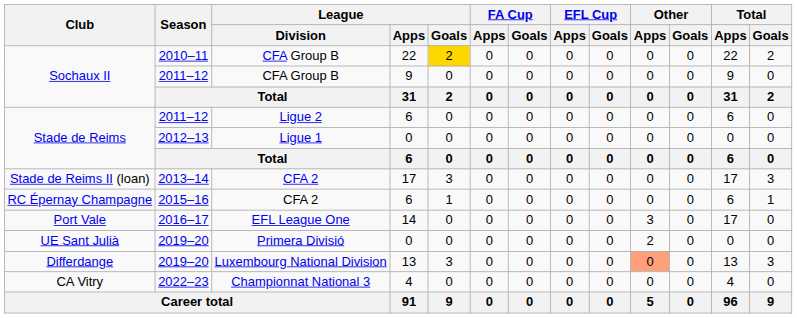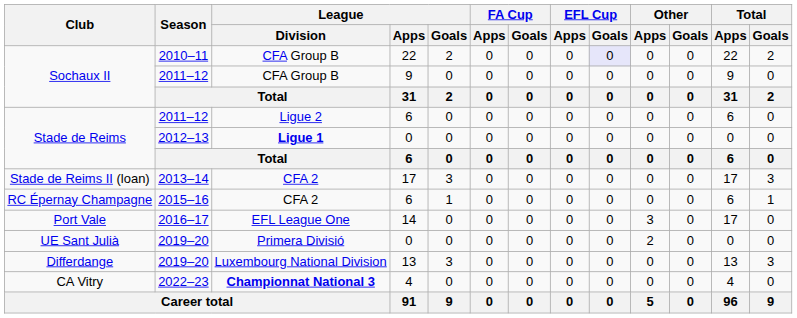 <table class="wikitable" style="text-align:center">
 <tr>
 <th rowspan="2">Club</th>
 <th rowspan="2">Season</th>
 <th colspan="3">League</th>
 <th colspan="2"><a href='#'>FA Cup</a></th>
 <th colspan="2"><a href='#'>EFL Cup</a></th>
 <th colspan="2">Other</th>
 <th colspan="2">Total</th>
 </tr>
 <tr>
 <th>Division</th>
 <th>Apps</th>
 <th>Goals</th>
 <th>Apps</th>
 <th>Goals</th>
 <th>Apps</th>
 <th>Goals</th>
 <th>Apps</th>
 <th>Goals</th>
 <th>Apps</th>
 <th>Goals</th>
 </tr>
 <tr>
 <td rowspan="3"><a href='#'>Sochaux II</a></td>
 <td><a href='#'>2010–11</a></td>
 <td><a href='#'>CFA</a> Group B</td>
 <td>22</td>
-<td style="background: gold;">2</td>
+<td>2</td>
 <td>0</td>
 <td>0</td>
 <td>0</td>
-<td>0</td>
+<td style="background: lavender;">0</td>
 <td>0</td>
 <td>0</td>
 <td>22</td>
 <td>2</td>
 </tr>
 <tr>
 <td><a href='#'>2011–12</a></td>
 <td>CFA Group B</td>
 <td>9</td>
 <td>0</td>
 <td>0</td>
 <td>0</td>
 <td>0</td>
 <td>0</td>
 <td>0</td>
 <td>0</td>
 <td>9</td>
 <td>0</td>
 </tr>
 <tr>
 <th colspan="2">Total</th>
 <th>31</th>
 <th>2</th>
 <th>0</th>
 <th>0</th>
 <th>0</th>
 <th>0</th>
 <th>0</th>
 <th>0</th>
 <th>31</th>
 <th>2</th>
 </tr>
 <tr>
 <td rowspan="3"><a href='#'>Stade de Reims</a></td>
 <td><a href='#'>2011–12</a></td>
 <td><a href='#'>Ligue 2</a></td>
 <td>6</td>
 <td>0</td>
 <td>0</td>
 <td>0</td>
 <td>0</td>
 <td>0</td>
 <td>0</td>
 <td>0</td>
 <td>6</td>
 <td>0</td>
 </tr>
 <tr>
 <td><a href='#'>2012–13</a></td>
-<td><a href='#'>Ligue 1</a></td>
+<td><strong><a href='#'>Ligue 1</a></strong></td>
 <td>0</td>
 <td>0</td>
 <td>0</td>
 <td>0</td>
 <td>0</td>
 <td>0</td>
 <td>0</td>
 <td>0</td>
 <td>0</td>
 <td>0</td>
 </tr>
 <tr>
 <th colspan="2">Total</th>
 <th>6</th>
 <th>0</th>
 <th>0</th>
 <th>0</th>
 <th>0</th>
 <th>0</th>
 <th>0</th>
 <th>0</th>
 <th>6</th>
 <th>0</th>
 </tr>
 <tr>
 <td><a href='#'>Stade de Reims II</a> (loan)</td>
 <td><a href='#'>2013–14</a></td>
 <td><a href='#'>CFA 2</a></td>
 <td>17</td>
 <td>3</td>
 <td>0</td>
 <td>0</td>
 <td>0</td>
 <td>0</td>
 <td>0</td>
 <td>0</td>
 <td>17</td>
 <td>3</td>
 </tr>
 <tr>
 <td><a href='#'>RC Épernay Champagne</a></td>
 <td><a href='#'>2015–16</a></td>
 <td>CFA 2</td>
 <td>6</td>
 <td>1</td>
 <td>0</td>
 <td>0</td>
 <td>0</td>
 <td>0</td>
 <td>0</td>
 <td>0</td>
 <td>6</td>
 <td>1</td>
 </tr>
 <tr>
 <td><a href='#'>Port Vale</a></td>
 <td><a href='#'>2016–17</a></td>
 <td><a href='#'>EFL League One</a></td>
 <td>14</td>
 <td>0</td>
 <td>0</td>
 <td>0</td>
 <td>0</td>
 <td>0</td>
 <td>3</td>
 <td>0</td>
 <td>17</td>
 <td>0</td>
 </tr>
 <tr>
 <td><a href='#'>UE Sant Julià</a></td>
 <td><a href='#'>2019–20</a></td>
 <td><a href='#'>Primera Divisió</a></td>
 <td>0</td>
 <td>0</td>
 <td>0</td>
 <td>0</td>
 <td>0</td>
 <td>0</td>
 <td>2</td>
 <td>0</td>
 <td>0</td>
 <td>0</td>
 </tr>
 <tr>
 <td><a href='#'>Differdange</a></td>
 <td><a href='#'>2019–20</a></td>
 <td><a href='#'>Luxembourg National Division</a></td>
 <td>13</td>
 <td>3</td>
 <td>0</td>
 <td>0</td>
 <td>0</td>
 <td>0</td>
-<td style="background: lightsalmon;">0</td>
+<td>0</td>
 <td>0</td>
 <td>13</td>
 <td>3</td>
 </tr>
 <tr>
 <td>CA Vitry</td>
 <td><a href='#'>2022–23</a></td>
-<td><a href='#'>Championnat National 3</a></td>
+<td><strong><a href='#'>Championnat National 3</a></strong></td>
 <td>4</td>
 <td>0</td>
 <td>0</td>
 <td>0</td>
 <td>0</td>
 <td>0</td>
 <td>0</td>
 <td>0</td>
 <td>4</td>
 <td>0</td>
 </tr>
 <tr>
 <th colspan="3">Career total</th>
 <th>91</th>
 <th>9</th>
 <th>0</th>
 <th>0</th>
 <th>0</th>
 <th>0</th>
 <th>5</th>
 <th>0</th>
 <th>96</th>
 <th>9</th>
 </tr>
 </table>
